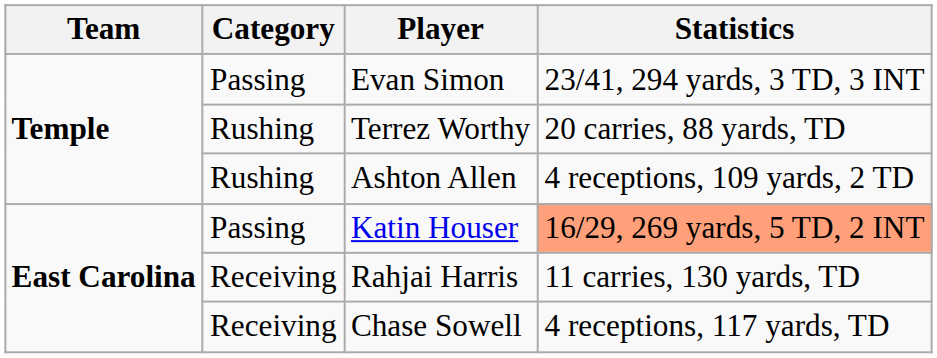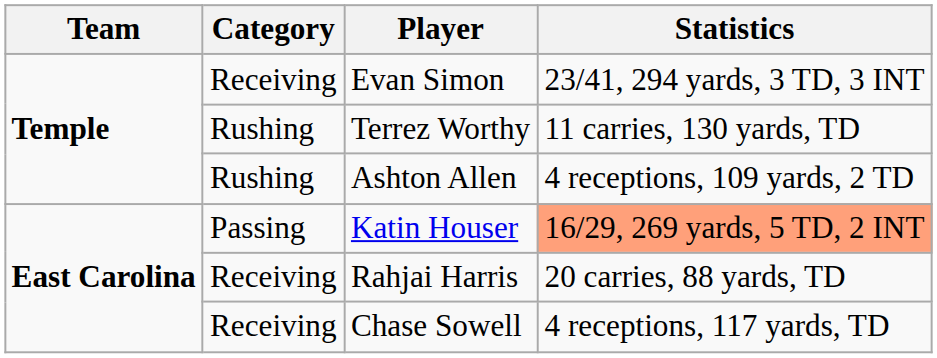 <table class="wikitable" style="float: right;">
 <tr>
 <th>Team</th>
 <th>Category</th>
 <th>Player</th>
 <th>Statistics</th>
 </tr>
 <tr>
 <td rowspan=3><strong>Temple</strong></td>
-<td>Passing</td>
+<td>Receiving</td>
 <td>Evan Simon</td>
 <td>23/41, 294 yards, 3 TD, 3 INT</td>
 </tr>
 <tr>
 <td>Rushing</td>
 <td>Terrez Worthy</td>
-<td>20 carries, 88 yards, TD</td>
+<td>11 carries, 130 yards, TD</td>
 </tr>
 <tr>
 <td>Rushing</td>
 <td>Ashton Allen</td>
 <td>4 receptions, 109 yards, 2 TD</td>
 </tr>
 <tr>
 <td rowspan=3><strong>East Carolina</strong></td>
 <td>Passing</td>
 <td><a href='#'>Katin Houser</a></td>
 <td style="background: lightsalmon;">16/29, 269 yards, 5 TD, 2 INT</td>
 </tr>
 <tr>
 <td>Receiving</td>
 <td>Rahjai Harris</td>
-<td>11 carries, 130 yards, TD</td>
+<td>20 carries, 88 yards, TD</td>
 </tr>
 <tr>
 <td>Receiving</td>
 <td>Chase Sowell</td>
 <td>4 receptions, 117 yards, TD</td>
 </tr>
 </table>
